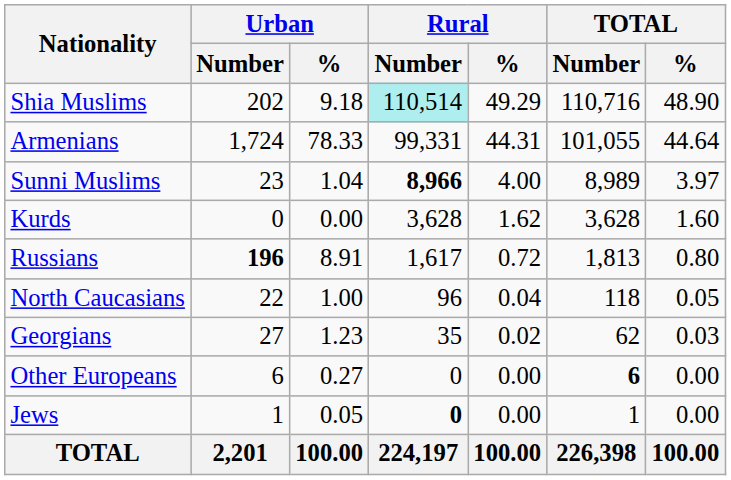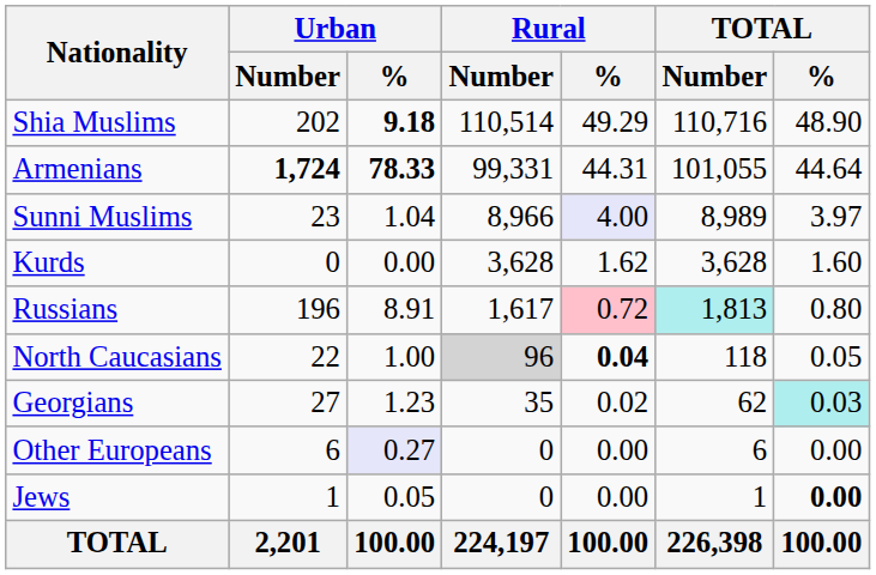 <table class="wikitable sortable">
 <tr>
 <th rowspan="2">Nationality</th>
 <th colspan="2"><a href='#'>Urban</a></th>
 <th colspan="2"><a href='#'>Rural</a></th>
 <th colspan="2">TOTAL</th>
 </tr>
 <tr>
 <th>Number</th>
 <th>%</th>
 <th>Number</th>
 <th>%</th>
 <th>Number</th>
 <th>%</th>
 </tr>
 <tr>
 <td><a href='#'>Shia Muslims</a></td>
 <td align="right">202</td>
-<td align="right">9.18</td>
-<td align="right" style="background: paleturquoise;">110,514</td>
+<td align="right"><strong>9.18</strong></td>
+<td align="right">110,514</td>
 <td align="right">49.29</td>
 <td align="right">110,716</td>
 <td align="right">48.90</td>
 </tr>
 <tr>
 <td><a href='#'>Armenians</a></td>
-<td align="right">1,724</td>
-<td align="right">78.33</td>
+<td align="right"><strong>1,724</strong></td>
+<td align="right"><strong>78.33</strong></td>
 <td align="right">99,331</td>
 <td align="right">44.31</td>
 <td align="right">101,055</td>
 <td align="right">44.64</td>
 </tr>
 <tr>
 <td><a href='#'>Sunni Muslims</a></td>
 <td align="right">23</td>
 <td align="right">1.04</td>
-<td align="right"><strong>8,966</strong></td>
-<td align="right">4.00</td>
+<td align="right">8,966</td>
+<td align="right" style="background: lavender;">4.00</td>
 <td align="right">8,989</td>
 <td align="right">3.97</td>
 </tr>
 <tr>
 <td><a href='#'>Kurds</a></td>
 <td align="right">0</td>
 <td align="right">0.00</td>
 <td align="right">3,628</td>
 <td align="right">1.62</td>
 <td align="right">3,628</td>
 <td align="right">1.60</td>
 </tr>
 <tr>
 <td><a href='#'>Russians</a></td>
-<td align="right"><strong>196</strong></td>
+<td align="right">196</td>
 <td align="right">8.91</td>
 <td align="right">1,617</td>
-<td align="right">0.72</td>
-<td align="right">1,813</td>
+<td align="right" style="background: pink;">0.72</td>
+<td align="right" style="background: paleturquoise;">1,813</td>
 <td align="right">0.80</td>
 </tr>
 <tr>
 <td><a href='#'>North Caucasians</a></td>
 <td align="right">22</td>
 <td align="right">1.00</td>
-<td align="right">96</td>
-<td align="right">0.04</td>
+<td align="right" style="background: lightgrey;">96</td>
+<td align="right"><strong>0.04</strong></td>
 <td align="right">118</td>
 <td align="right">0.05</td>
 </tr>
 <tr>
 <td><a href='#'>Georgians</a></td>
 <td align="right">27</td>
 <td align="right">1.23</td>
 <td align="right">35</td>
 <td align="right">0.02</td>
 <td align="right">62</td>
-<td align="right">0.03</td>
+<td align="right" style="background: paleturquoise;">0.03</td>
 </tr>
 <tr>
 <td><a href='#'>Other Europeans</a></td>
 <td align="right">6</td>
-<td align="right">0.27</td>
+<td align="right" style="background: lavender;">0.27</td>
 <td align="right">0</td>
 <td align="right">0.00</td>
-<td align="right"><strong>6</strong></td>
+<td align="right">6</td>
 <td align="right">0.00</td>
 </tr>
 <tr>
 <td><a href='#'>Jews</a></td>
 <td align="right">1</td>
 <td align="right">0.05</td>
-<td align="right"><strong>0</strong></td>
+<td align="right">0</td>
 <td align="right">0.00</td>
 <td align="right">1</td>
-<td align="right">0.00</td>
+<td align="right"><strong>0.00</strong></td>
 </tr>
 <tr>
 <th>TOTAL</th>
 <th>2,201</th>
 <th>100.00</th>
 <th>224,197</th>
 <th>100.00</th>
 <th>226,398</th>
 <th>100.00</th>
 </tr>
 </table>
